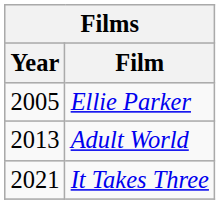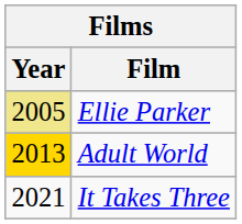 <table class="wikitable">
 <tr>
 <th colspan="4">Films</th>
 </tr>
 <tr>
 <th>Year</th>
 <th>Film</th>
 </tr>
 <tr>
-<td>2005</td>
+<td style="background: khaki;">2005</td>
 <td><em><a href='#'>Ellie Parker</a></em></td>
 </tr>
 <tr>
-<td>2013</td>
+<td style="background: gold;">2013</td>
 <td><em><a href='#'>Adult World</a></em></td>
 </tr>
 <tr>
 <td>2021</td>
 <td><em><a href='#'>It Takes Three</a></em></td>
 </tr>
 </table>
